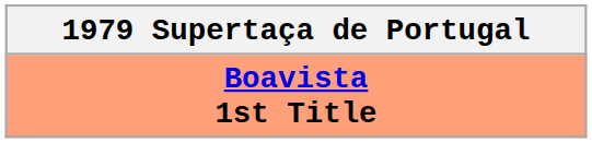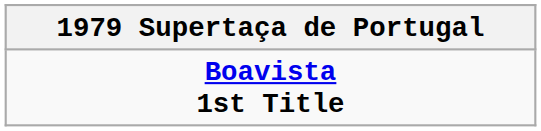 <table class="wikitable" style="text-align: center; margin: 0 auto; width: 20%">
 <tr>
 <th>1979 Supertaça de Portugal</th>
 </tr>
 <tr>
-<td style="background: lightsalmon;"><strong><a href='#'>Boavista</a></strong><br><strong>1st Title</strong></td>
+<td><strong><a href='#'>Boavista</a></strong><br><strong>1st Title</strong></td>
 </tr>
 </table>
